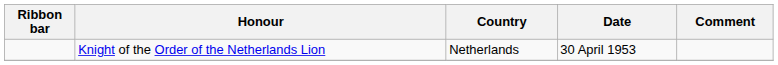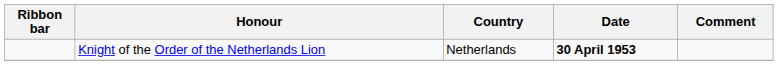 <table class="wikitable" style="width:60%;">
 <tr>
 <th style="width:80px;">Ribbon bar</th>
 <th>Honour</th>
 <th>Country</th>
 <th>Date</th>
 <th>Comment</th>
 </tr>
 <tr>
 <td></td>
 <td><a href='#'>Knight</a> of the <a href='#'>Order of the Netherlands Lion</a></td>
 <td>Netherlands</td>
-<td>30 April 1953</td>
+<td><strong>30 April 1953</strong></td>
 <td></td>
 </tr>
 <tr>
 </tr>
 </table>
